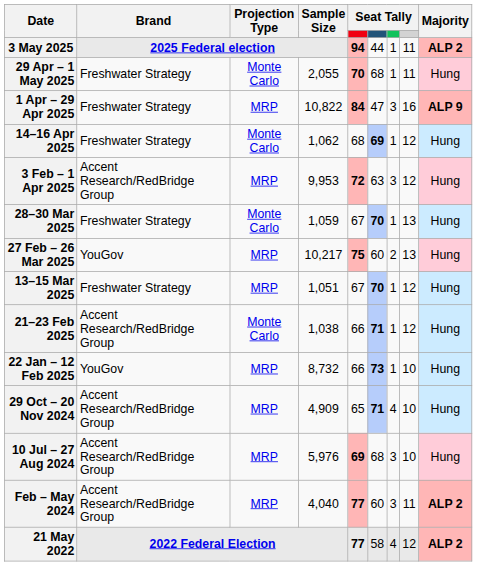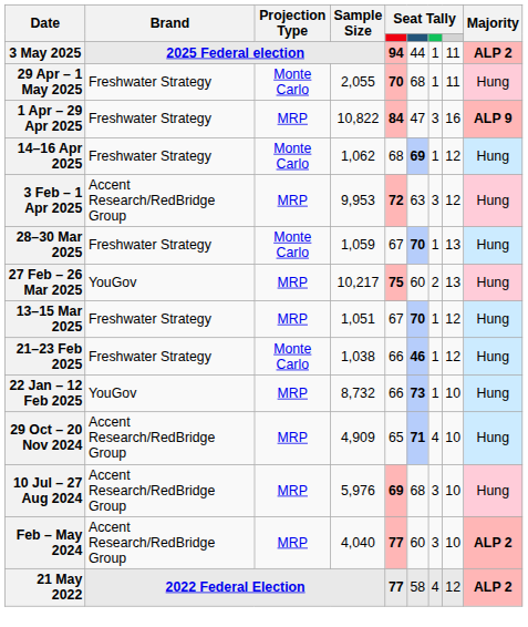 <table class="nowrap wikitable sortable tpl-blanktable" style="text-align:center;font-size:100%">
 <tr>
 <th rowspan="2">Date</th>
 <th rowspan="2">Brand</th>
 <th rowspan="2">Projection<br>Type</th>
 <th rowspan="2">Sample<br>Size</th>
 <th colspan="4">Seat Tally</th>
 <th rowspan="2">Majority</th>
 </tr>
 <tr>
 <th class="unsortable" style="background:#F00011"></th>
 <th class="unsortable" style="background:#225479"></th>
 <th class="unsortable" style="background:#10C25B"></th>
 <th class="unsortable" style="background:lightgray"></th>
 </tr>
 <tr>
 <th>3 May 2025</th>
 <td colspan="3" style="background:#e9e9e9"><strong><a href='#'>2025 Federal election</a></strong></td>
 <td style="background:#FFB6B6"><strong>94</strong></td>
 <td>44</td>
 <td>1</td>
 <td>11</td>
 <td style=background:#FFB6B6><strong>ALP 2</strong></td>
 </tr>
 <tr>
 <th style=text-align:right>29 Apr – 1 May 2025</th>
 <td style=text-align:left>Freshwater Strategy</td>
 <td><a href='#'>Monte Carlo</a></td>
 <td>2,055</td>
 <td style="background:#FFB6B6"><strong>70</strong></td>
 <td>68</td>
 <td>1</td>
 <td>11</td>
 <td style="background:#ffccd9;">Hung<br></td>
 </tr>
 <tr>
 <th style=text-align:right>1 Apr – 29 Apr 2025</th>
 <td style=text-align:left>Freshwater Strategy</td>
 <td><a href='#'>MRP</a></td>
 <td>10,822</td>
 <td style="background:#FFB6B6"><strong>84</strong></td>
 <td>47</td>
 <td>3</td>
 <td>16</td>
 <td ! style=background:#FFB6B6><strong>ALP 9</strong></td>
 </tr>
 <tr>
 <th style=text-align:right>14–16 Apr 2025</th>
 <td style=text-align:left>Freshwater Strategy</td>
 <td><a href='#'>Monte Carlo</a></td>
 <td>1,062</td>
 <td>68</td>
 <td style="background:#B6CDFB"><strong>69</strong></td>
 <td>1</td>
 <td>12</td>
 <td style="background:#CCEBFF;">Hung<br></td>
 </tr>
 <tr>
 <th style=text-align:right>3 Feb – 1 Apr 2025</th>
 <td style=text-align:left>Accent Research/RedBridge Group<br></td>
 <td><a href='#'>MRP</a></td>
 <td>9,953</td>
 <td style="background:#FFB6B6"><strong>72</strong></td>
 <td>63</td>
 <td>3</td>
 <td>12</td>
 <td style="background:#ffccd9;">Hung<br></td>
 </tr>
 <tr>
 <th style=text-align:right>28–30 Mar 2025</th>
 <td style=text-align:left>Freshwater Strategy</td>
 <td><a href='#'>Monte Carlo</a></td>
 <td>1,059</td>
 <td>67</td>
 <td style="background:#B6CDFB"><strong>70</strong></td>
 <td>1</td>
 <td>13</td>
 <td style="background:#CCEBFF;">Hung<br></td>
 </tr>
 <tr>
 <th style=text-align:right>27 Feb – 26 Mar 2025</th>
 <td style=text-align:left>YouGov</td>
 <td><a href='#'>MRP</a></td>
 <td>10,217</td>
 <td style="background:#FFB6B6"><strong>75</strong></td>
 <td>60</td>
 <td>2</td>
 <td>13</td>
 <td style="background:#ffccd9;">Hung<br></td>
 </tr>
 <tr>
 <th style=text-align:right>13–15 Mar 2025</th>
 <td style=text-align:left>Freshwater Strategy</td>
 <td><a href='#'>MRP</a></td>
 <td>1,051</td>
 <td>67</td>
 <td style="background:#B6CDFB"><strong>70</strong></td>
 <td>1</td>
 <td>12</td>
 <td style="background:#CCEBFF;">Hung<br></td>
 </tr>
 <tr>
 <th style=text-align:right>21–23 Feb 2025</th>
-<td style=text-align:left>Accent Research/RedBridge Group</td>
+<td style=text-align:left>Freshwater Strategy</td>
 <td><a href='#'>Monte Carlo</a></td>
 <td>1,038</td>
 <td>66</td>
-<td style="background:#B6CDFB"><strong>71</strong></td>
+<td style="background:#B6CDFB"><strong>46</strong></td>
 <td>1</td>
 <td>12</td>
 <td style="background:#CCEBFF;">Hung<br></td>
 </tr>
 <tr>
 <th style=text-align:right>22 Jan – 12 Feb 2025</th>
 <td style=text-align:left>YouGov</td>
 <td><a href='#'>MRP</a></td>
 <td>8,732</td>
 <td>66</td>
 <td style="background:#B6CDFB"><strong>73</strong></td>
 <td>1</td>
 <td>10</td>
 <td style="background:#CCEBFF;">Hung<br></td>
 </tr>
 <tr>
 <th style="text-align:right">29 Oct – 20 Nov 2024</th>
 <td style="text-align:left">Accent Research/RedBridge Group</td>
 <td><a href='#'>MRP</a></td>
 <td>4,909</td>
 <td>65</td>
 <td style="background:#B6CDFB"><strong>71</strong></td>
 <td>4</td>
 <td>10</td>
 <td style="background:#CCEBFF;">Hung<br></td>
 </tr>
 <tr>
 <th style=text-align:right>10 Jul – 27 Aug 2024</th>
 <td style=text-align:left>Accent Research/RedBridge Group</td>
 <td><a href='#'>MRP</a></td>
 <td>5,976</td>
 <td style="background:#FFB6B6"><strong>69</strong></td>
 <td>68</td>
 <td>3</td>
 <td>10</td>
 <td style="background:#ffccd9;">Hung<br></td>
 </tr>
 <tr>
 <th style=text-align:right>Feb – May 2024</th>
 <td style=text-align:left>Accent Research/RedBridge Group</td>
 <td><a href='#'>MRP</a></td>
 <td>4,040</td>
 <td style="background:#FFB6B6"><strong>77</strong></td>
 <td>60</td>
 <td>3</td>
-<td>11</td>
+<td>10</td>
 <td ! style=background:#FFB6B6><strong>ALP 2</strong></td>
 </tr>
 <tr>
 <th style=text-align:right>21 May 2022</th>
 <td colspan="3" style="background:#e9e9e9"><strong><a href='#'>2022 Federal Election</a></strong></td>
 <td style="background:#e9e9e9;"><strong>77</strong></td>
 <td style="background:#e9e9e9;">58</td>
 <td style="background:#e9e9e9;">4</td>
 <td style="background:#e9e9e9;">12</td>
 <td style=background:#FFB6B6><strong>ALP 2</strong></td>
 </tr>
 </table>
